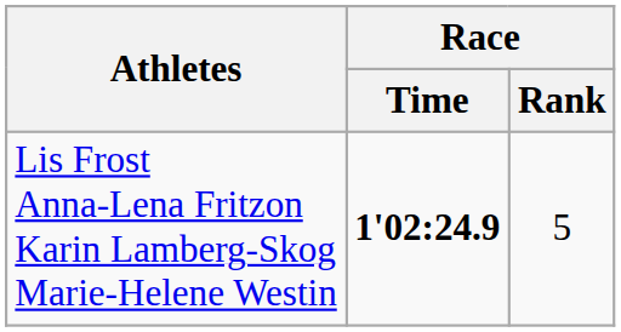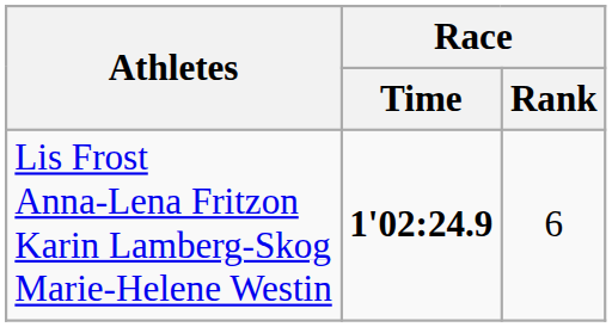 <table class="wikitable" border="1" style="font-size:90%">
 <tr>
 <th rowspan=2>Athletes</th>
 <th colspan=2>Race</th>
 </tr>
 <tr>
 <th>Time</th>
 <th>Rank</th>
 </tr>
 <tr>
 <td><a href='#'>Lis Frost</a><br><a href='#'>Anna-Lena Fritzon</a><br><a href='#'>Karin Lamberg-Skog</a><br><a href='#'>Marie-Helene Westin</a></td>
 <td align=center><strong>1'02:24.9</strong></td>
-<td align=center>5</td>
+<td align=center>6</td>
 </tr>
 </table>
